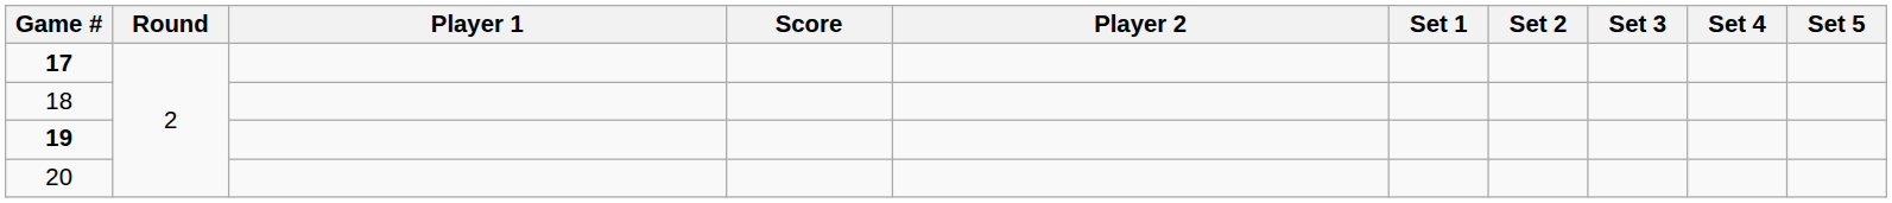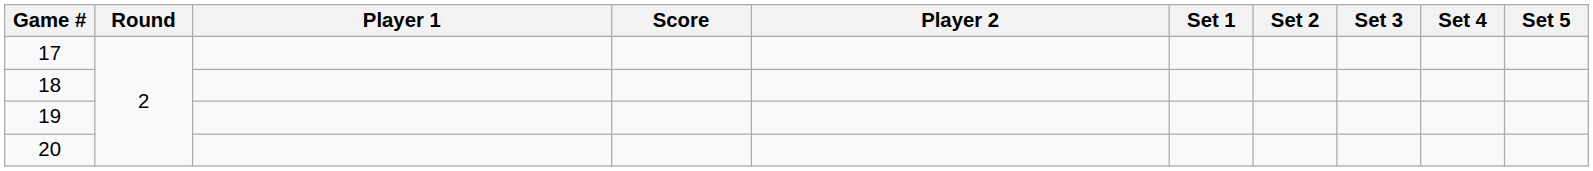 <table class="wikitable">
 <tr>
 <th width="2%">Game #</th>
 <th width="2%">Round</th>
 <th width="15%">Player 1</th>
 <th width="5%">Score</th>
 <th width="15%">Player 2</th>
 <th width="3%">Set 1</th>
 <th width="3%">Set 2</th>
 <th width="3%">Set 3</th>
 <th width="3%">Set 4</th>
 <th width="3%">Set 5</th>
 </tr>
 <tr style=text-align:center;>
-<td><strong>17</strong></td>
+<td>17</td>
 <td rowspan=4>2</td>
 <td><strong></strong></td>
 <td></td>
 <td></td>
 <td></td>
 <td></td>
 <td></td>
 <td></td>
 <td></td>
 </tr>
 <tr style=text-align:center;>
 <td>18</td>
 <td></td>
 <td></td>
 <td><strong></strong></td>
 <td></td>
 <td></td>
 <td></td>
 <td></td>
 <td></td>
 </tr>
 <tr style=text-align:center;>
-<td><strong>19</strong></td>
+<td>19</td>
 <td><strong></strong></td>
 <td></td>
 <td></td>
 <td></td>
 <td></td>
 <td></td>
 <td></td>
 <td></td>
 </tr>
 <tr style=text-align:center;>
 <td>20</td>
 <td><strong></strong></td>
 <td></td>
 <td></td>
 <td></td>
 <td></td>
 <td></td>
 <td></td>
 <td></td>
 </tr>
 </table>
